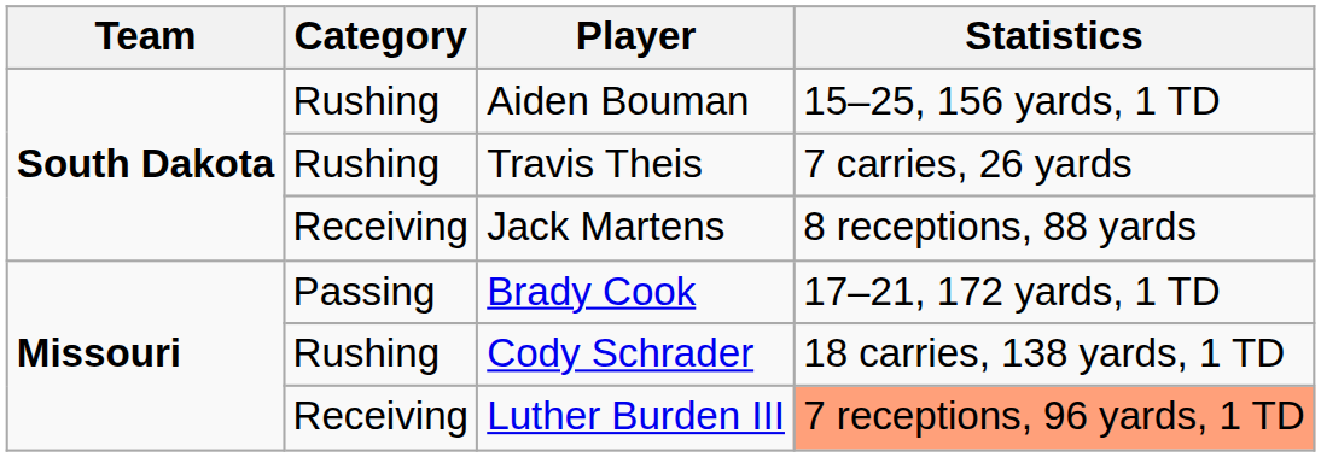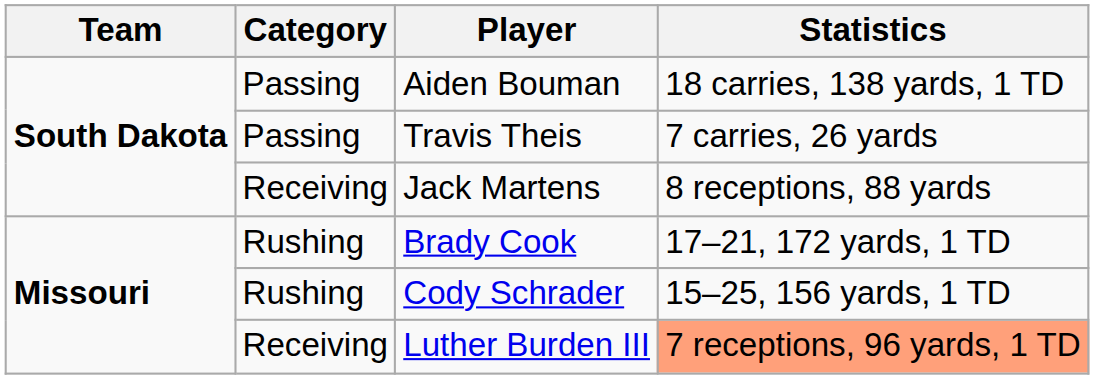 <table class="wikitable" style="float: right;">
 <tr>
 <th>Team</th>
 <th>Category</th>
 <th>Player</th>
 <th>Statistics</th>
 </tr>
 <tr>
 <td rowspan=3><strong>South Dakota</strong></td>
-<td>Rushing</td>
+<td>Passing</td>
 <td>Aiden Bouman</td>
-<td>15–25, 156 yards, 1 TD</td>
+<td>18 carries, 138 yards, 1 TD</td>
 </tr>
 <tr>
-<td>Rushing</td>
+<td>Passing</td>
 <td>Travis Theis</td>
 <td>7 carries, 26 yards</td>
 </tr>
 <tr>
 <td>Receiving</td>
 <td>Jack Martens</td>
 <td>8 receptions, 88 yards</td>
 </tr>
 <tr>
 <td rowspan=3><strong>Missouri</strong></td>
-<td>Passing</td>
+<td>Rushing</td>
 <td><a href='#'>Brady Cook</a></td>
 <td>17–21, 172 yards, 1 TD</td>
 </tr>
 <tr>
 <td>Rushing</td>
 <td><a href='#'>Cody Schrader</a></td>
-<td>18 carries, 138 yards, 1 TD</td>
+<td>15–25, 156 yards, 1 TD</td>
 </tr>
 <tr>
 <td>Receiving</td>
 <td><a href='#'>Luther Burden III</a></td>
 <td style="background: lightsalmon;">7 receptions, 96 yards, 1 TD</td>
 </tr>
 </table>
